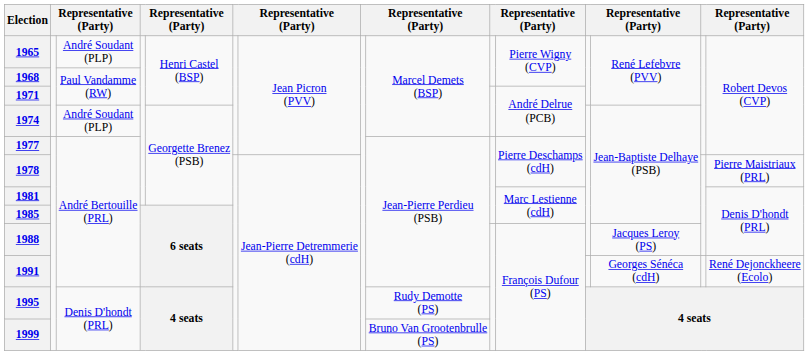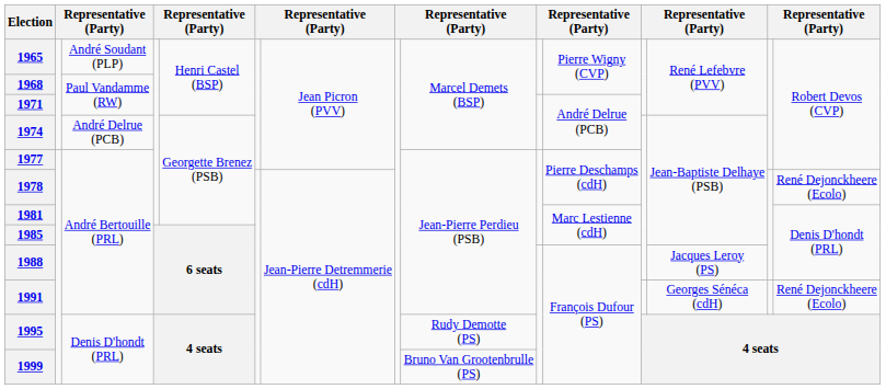 <table class="wikitable" style="text-align:center">
 <tr>
 <th>Election</th>
 <th colspan=2>Representative<br>(Party)</th>
 <th colspan=2>Representative<br>(Party)</th>
 <th colspan=2>Representative<br>(Party)</th>
 <th colspan=2>Representative<br>(Party)</th>
 <th colspan=2>Representative<br>(Party)</th>
 <th colspan=2>Representative<br>(Party)</th>
 <th colspan=2>Representative<br>(Party)</th>
 </tr>
 <tr>
 <th><a href='#'>1965</a></th>
 <td rowspan=4; style="background-color: "></td>
 <td rowspan=1><a href='#'>André Soudant</a><br>(PLP)</td>
 <td rowspan=7; style="background-color: "></td>
 <td rowspan=3><a href='#'>Henri Castel</a><br>(<a href='#'>BSP</a>)</td>
 <td rowspan=5; style="background-color: "></td>
 <td rowspan=5><a href='#'>Jean Picron</a><br>(<a href='#'>PVV</a>)</td>
 <td rowspan=12; style="background-color: "></td>
 <td rowspan=4><a href='#'>Marcel Demets</a><br>(<a href='#'>BSP</a>)</td>
 <td rowspan=2; style="background-color: "></td>
 <td rowspan=2><a href='#'>Pierre Wigny</a><br>(<a href='#'>CVP</a>)</td>
 <td rowspan=3; style="background-color: "></td>
 <td rowspan=3><a href='#'>René Lefebvre</a><br>(<a href='#'>PVV</a>)</td>
 <td rowspan=5; style="background-color: "></td>
 <td rowspan=5><a href='#'>Robert Devos</a><br>(<a href='#'>CVP</a>)</td>
 </tr>
 <tr>
 <th><a href='#'>1968</a></th>
 <td rowspan=2><a href='#'>Paul Vandamme</a><br>(<a href='#'>RW</a>)</td>
 </tr>
 <tr>
 <th><a href='#'>1971</a></th>
 <td rowspan=2; style="background-color: "></td>
 <td rowspan=2><a href='#'>André Delrue</a><br>(PCB)</td>
 </tr>
 <tr>
 <th><a href='#'>1974</a></th>
-<td rowspan=1><a href='#'>André Soudant</a><br>(PLP)</td>
+<td rowspan=1><a href='#'>André Delrue</a><br>(PCB)</td>
 <td rowspan=4><a href='#'>Georgette Brenez</a><br>(PSB)</td>
 <td rowspan=6; style="background-color: "></td>
 <td rowspan=5><a href='#'>Jean-Baptiste Delhaye</a><br>(PSB)</td>
 </tr>
 <tr>
 <th><a href='#'>1977</a></th>
 <td rowspan=8; style="background-color: "></td>
 <td rowspan=6><a href='#'>André Bertouille</a><br>(<a href='#'>PRL</a>)</td>
 <td rowspan=6><a href='#'>Jean-Pierre Perdieu</a><br>(PSB)</td>
 <td rowspan=4; style="background-color: "></td>
 <td rowspan=2><a href='#'>Pierre Deschamps</a><br>(<a href='#'>cdH</a>)</td>
 </tr>
 <tr>
 <th><a href='#'>1978</a></th>
 <td rowspan=7; style="background-color: "></td>
 <td rowspan=7><a href='#'>Jean-Pierre Detremmerie</a><br>(<a href='#'>cdH</a>)</td>
 <td rowspan=4; style="background-color: "></td>
-<td rowspan=1><a href='#'>Pierre Maistriaux</a><br>(<a href='#'>PRL</a>)</td>
+<td rowspan=1><a href='#'>René Dejonckheere</a><br>(<a href='#'>Ecolo</a>)</td>
 </tr>
 <tr>
 <th><a href='#'>1981</a></th>
 <td rowspan=2><a href='#'>Marc Lestienne</a><br>(<a href='#'>cdH</a>)</td>
 <td rowspan=3><a href='#'>Denis D'hondt</a><br>(<a href='#'>PRL</a>)</td>
 </tr>
 <tr>
 <th><a href='#'>1985</a></th>
 <th rowspan=3; colspan=2>6 seats</th>
 </tr>
 <tr>
 <th><a href='#'>1988</a></th>
 <td rowspan=4; style="background-color: "></td>
 <td rowspan=4><a href='#'>François Dufour</a><br>(<a href='#'>PS</a>)</td>
 <td rowspan=1><a href='#'>Jacques Leroy</a><br>(<a href='#'>PS</a>)</td>
 </tr>
 <tr>
 <th><a href='#'>1991</a></th>
 <td rowspan=1; style="background-color: "></td>
 <td rowspan=1><a href='#'>Georges Sénéca</a><br>(<a href='#'>cdH</a>)</td>
 <td rowspan=1; style="background-color: "></td>
 <td rowspan=1><a href='#'>René Dejonckheere</a><br>(<a href='#'>Ecolo</a>)</td>
 </tr>
 <tr>
 <th><a href='#'>1995</a></th>
 <td rowspan=2><a href='#'>Denis D'hondt</a><br>(<a href='#'>PRL</a>)</td>
 <th rowspan=2; colspan=2>4 seats</th>
 <td rowspan=1><a href='#'>Rudy Demotte</a><br>(<a href='#'>PS</a>)</td>
 <th rowspan=2; colspan=4>4 seats</th>
 </tr>
 <tr>
 <th><a href='#'>1999</a></th>
 <td rowspan=1><a href='#'>Bruno Van Grootenbrulle</a><br>(<a href='#'>PS</a>)</td>
 </tr>
 </table>
